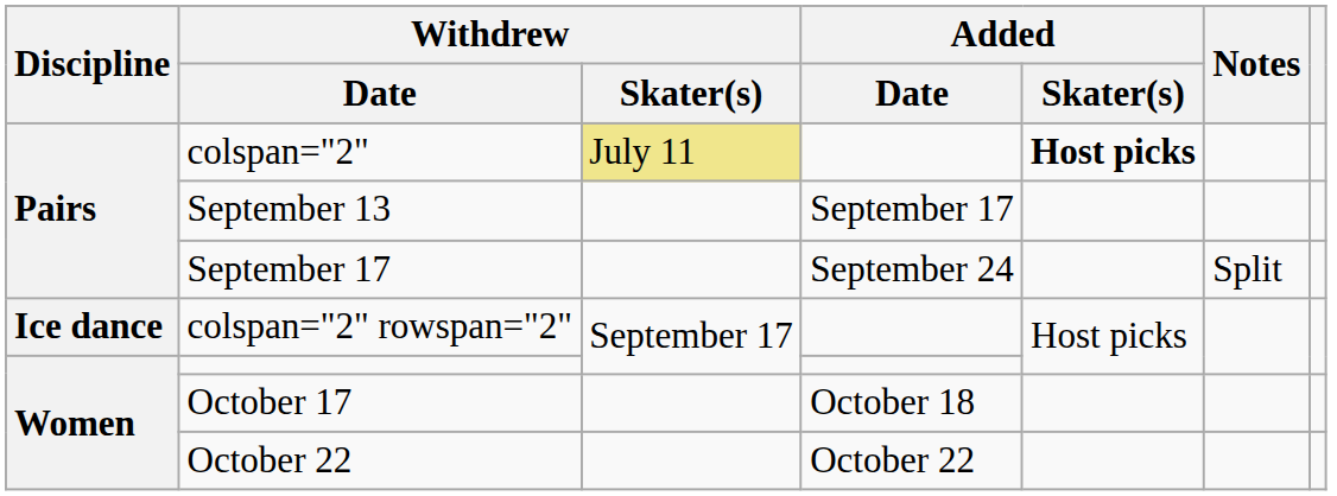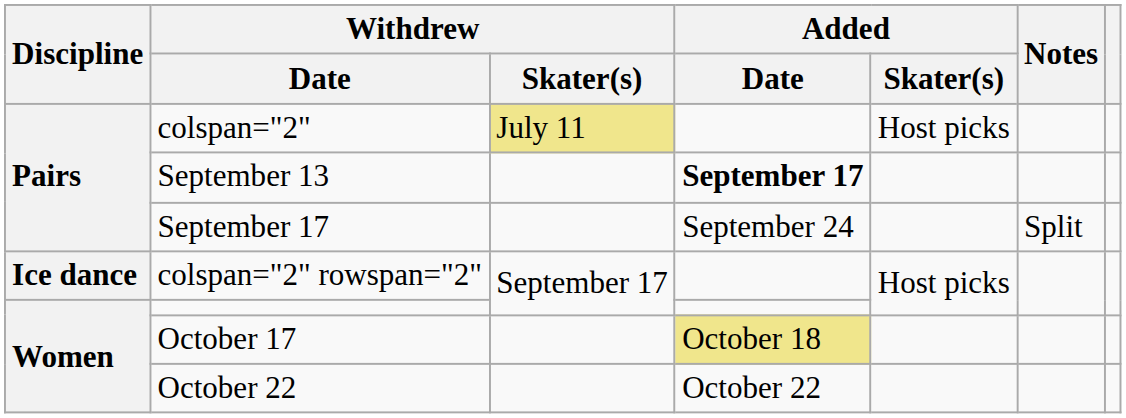 <table class="wikitable unsortable">
 <tr>
 <th scope="col" rowspan=2>Discipline</th>
 <th scope="col" colspan=2>Withdrew</th>
 <th scope="col" colspan=2>Added</th>
 <th scope="col" rowspan=2>Notes</th>
 <th scope="col" rowspan=2></th>
 </tr>
 <tr>
 <th>Date</th>
 <th>Skater(s)</th>
 <th>Date</th>
 <th>Skater(s)</th>
 </tr>
 <tr>
 <th rowspan="3" scope="row" style="text-align:left">Pairs</th>
 <td>colspan="2" </td>
 <td style="background: khaki;">July 11</td>
 <td></td>
-<td><strong>Host picks</strong></td>
+<td>Host picks</td>
 <td></td>
 </tr>
 <tr>
 <td>September 13</td>
 <td></td>
-<td>September 17</td>
+<td><strong>September 17</strong></td>
 <td></td>
 <td></td>
 <td></td>
 </tr>
 <tr>
 <td>September 17</td>
 <td></td>
 <td>September 24</td>
 <td></td>
 <td>Split</td>
 <td></td>
 </tr>
 <tr>
 <th scope="row" style="text-align:left">Ice dance</th>
 <td>colspan="2" rowspan="2" </td>
 <td rowspan="2">September 17</td>
 <td></td>
 <td rowspan="2">Host picks</td>
 <td rowspan="2"></td>
 </tr>
 <tr>
 <th scope="row" style="text-align:left" rowspan=3>Women</th>
 <td></td>
 </tr>
 <tr>
 <td>October 17</td>
 <td></td>
-<td>October 18</td>
+<td style="background: khaki;">October 18</td>
 <td></td>
 <td></td>
 <td></td>
 </tr>
 <tr>
 <td>October 22</td>
 <td></td>
 <td>October 22</td>
 <td></td>
 <td></td>
 <td></td>
 </tr>
 </table>
